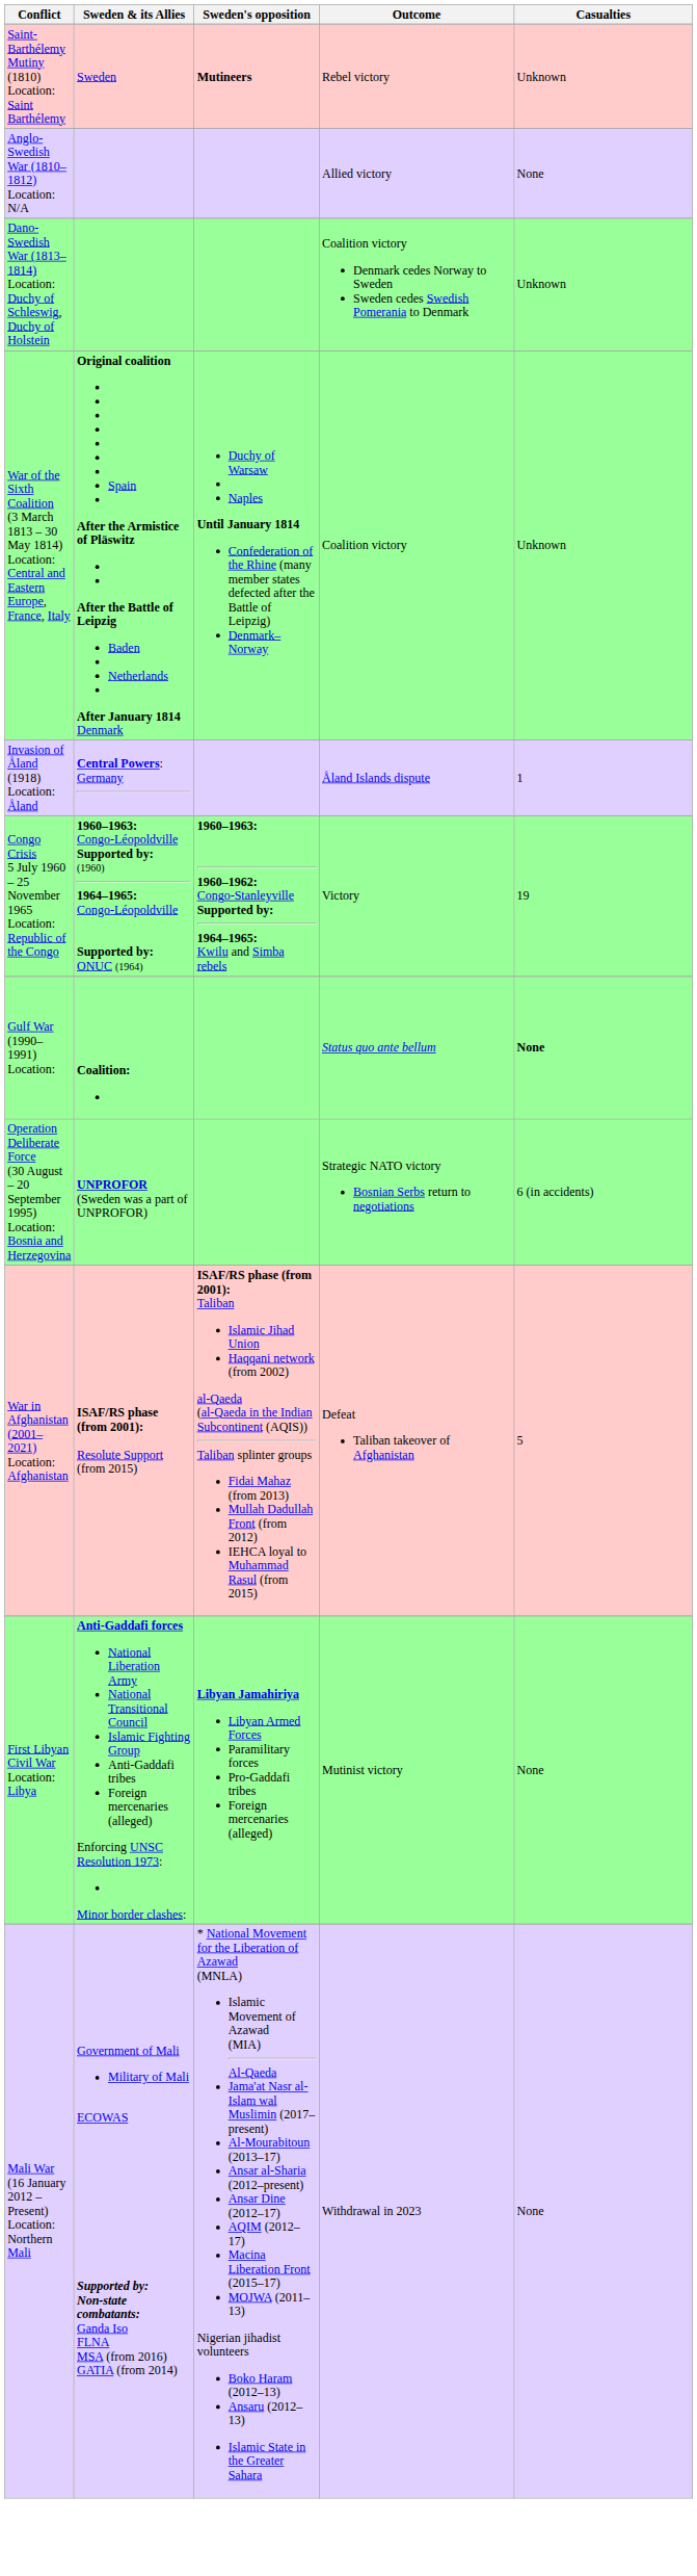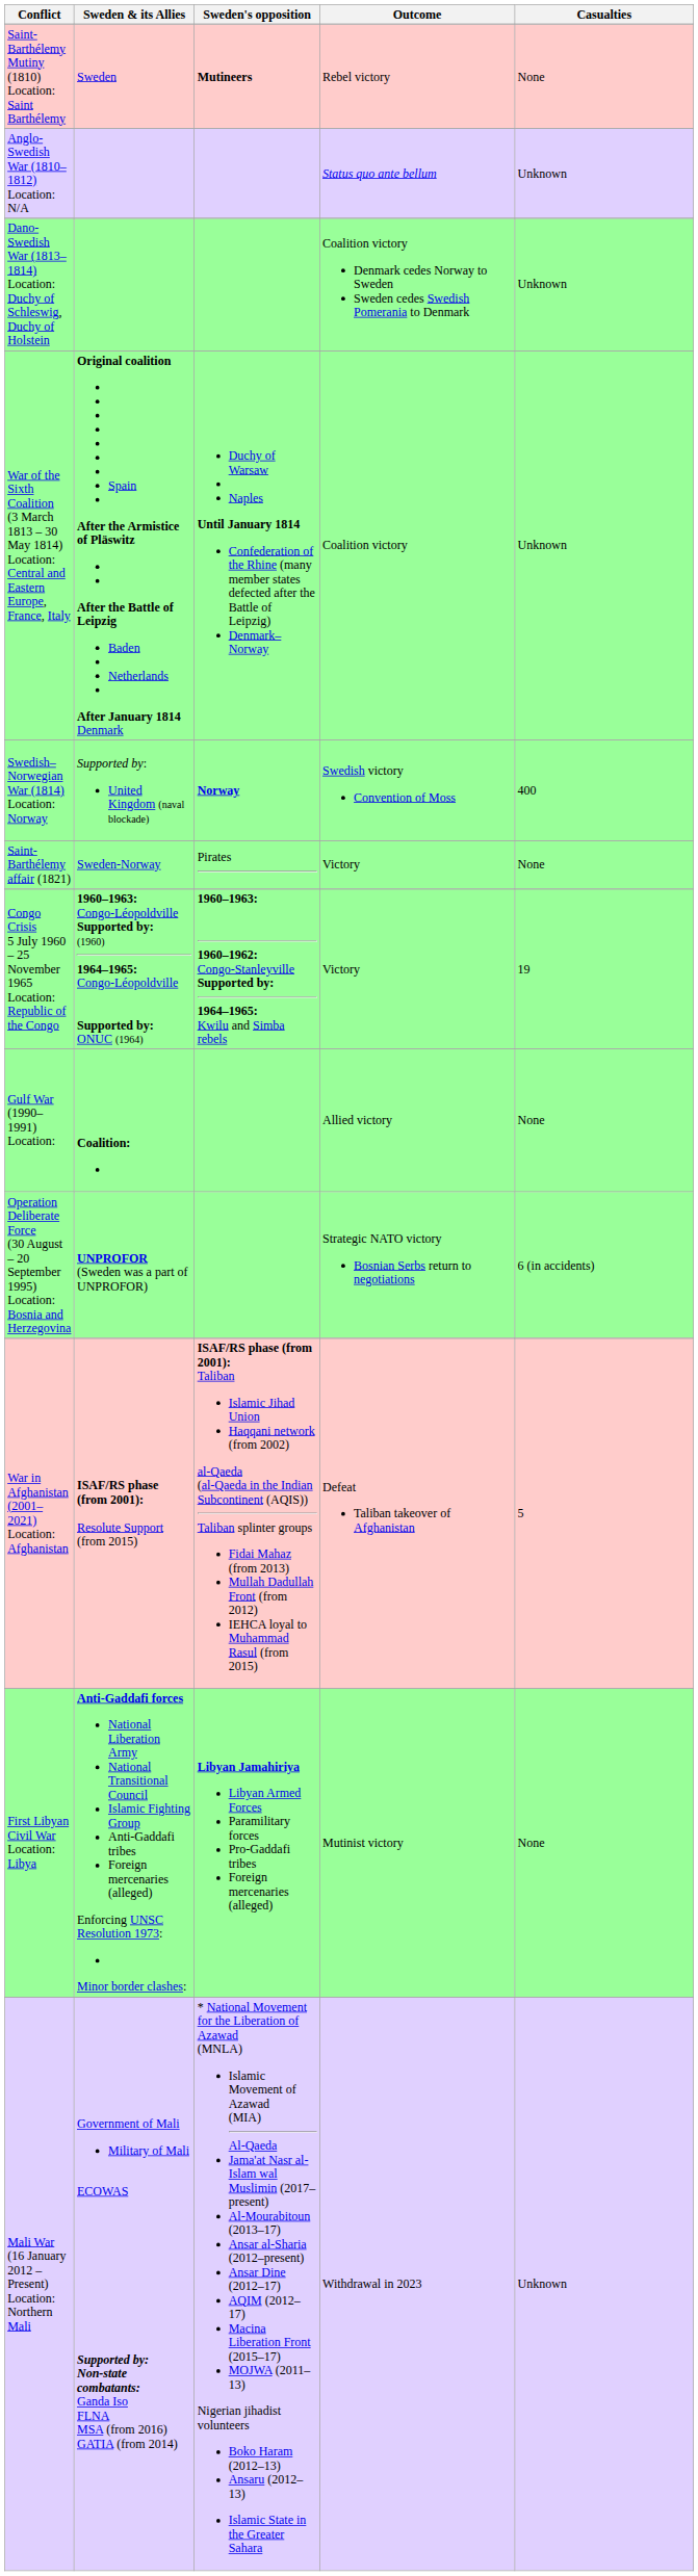 <table class="wikitable sortable" width="100%">
 <tr>
 <th rowspan="1">Conflict</th>
 <th rowspan="1" width=170px>Sweden & its Allies</th>
 <th rowspan="1" width=170px>Sweden's opposition</th>
 <th rowspan="1" width=340px>Outcome</th>
 <th rowspan="1" width=340px>Casualties</th>
 </tr>
 <tr>
 </tr>
 <tr bgcolor="#FFCCCB">
 <td><a href='#'>Saint-Barthélemy Mutiny</a><br>(1810)<br>Location: <a href='#'>Saint Barthélemy</a></td>
 <td> <a href='#'>Sweden</a></td>
 <td><strong>Mutineers</strong></td>
 <td>Rebel victory</td>
-<td>Unknown</td>
+<td>None</td>
 </tr>
 <tr>
 </tr>
 <tr bgcolor="#E0D0FF">
 <td><a href='#'>Anglo-Swedish War (1810–1812)</a><br>Location: N/A</td>
 <td></td>
 <td></td>
-<td>Allied victory</td>
-<td>None</td>
+<td><em><a href='#'>Status quo ante bellum</a></em></td>
+<td>Unknown</td>
 </tr>
 <tr>
 </tr>
 <tr bgcolor="#99ff99">
 <td><a href='#'>Dano-Swedish War (1813–1814)</a><br>Location: <a href='#'>Duchy of Schleswig</a>, <a href='#'>Duchy of Holstein</a></td>
 <td><br><br><br></td>
 <td></td>
 <td>Coalition victory<br><ul><li>Denmark cedes Norway to Sweden</li><li>Sweden cedes <a href='#'>Swedish Pomerania</a> to Denmark</li></ul></td>
 <td>Unknown</td>
 </tr>
 <tr>
 </tr>
 <tr bgcolor="#99ff99">
 <td><a href='#'>War of the Sixth Coalition</a><br>(3 March 1813 – 30 May 1814)<br>Location: <a href='#'>Central and Eastern Europe</a>, <a href='#'>France</a>, <a href='#'>Italy</a></td>
 <td><strong>Original coalition</strong> <br><ul><li></li><li></li><li></li><li></li><li></li><li></li><li></li><li> <a href='#'>Spain</a></li><li></li></ul> <strong>After the Armistice of Pläswitz</strong> <ul><li></li><li></li></ul> <strong>After the Battle of Leipzig</strong> <ul><li> <a href='#'>Baden</a></li><li></li><li> <a href='#'>Netherlands</a></li><li></li></ul> <strong>After January 1814</strong>   <a href='#'>Denmark</a> </td>
 <td><br><ul><li> <a href='#'>Duchy of Warsaw</a></li><li></li><li> <a href='#'>Naples</a></li></ul><strong>Until January 1814</strong> <ul><li><a href='#'>Confederation of the Rhine</a> (many member states defected after the Battle of Leipzig)</li><li> <a href='#'>Denmark–Norway</a></li></ul></td>
 <td>Coalition victory</td>
 <td>Unknown</td>
 </tr>
 <tr>
 </tr>
-<tr>
+<tr bgcolor="#99ff99">
+<td><a href='#'>Swedish–Norwegian War (1814)</a><br>Location: <a href='#'>Norway</a></td>
+<td><br><em>Supported by</em>:<ul><li> <a href='#'>United Kingdom</a> <small>(naval blockade)</small></li></ul></td>
+<td> <strong><a href='#'>Norway</a></strong></td>
+<td><a href='#'>Swedish</a> victory<br><ul><li><a href='#'>Convention of Moss</a></li></ul></td>
+<td>400</td>
 </tr>
 <tr>
 </tr>
-<tr bgcolor="#E0D0FF">
-<td><a href='#'>Invasion of Åland</a><br>(1918)<br>Location: <a href='#'>Åland</a></td>
-<td><strong><a href='#'>Central Powers</a></strong>:<br> <a href='#'>Germany</a> <br> <hr></td>
-<td> <br></td>
-<td><a href='#'>Åland Islands dispute</a></td>
-<td>1</td>
+<tr bgcolor="#99ff99">
+<td><a href='#'>Saint-Barthélemy affair</a> (1821)</td>
+<td> <a href='#'>Sweden-Norway</a></td>
+<td> Pirates <hr> </td>
+<td>Victory</td>
+<td>None</td>
+</tr>
+<tr>
 </tr>
 <tr>
 </tr>
 <tr bgcolor="#99ff99">
 <td><a href='#'>Congo Crisis</a><br>5 July 1960 – 25 November 1965<br>Location: <a href='#'>Republic of the Congo</a></td>
 <td><strong>1960–1963:</strong><br> <a href='#'>Congo-Léopoldville</a><br><strong>Supported by:</strong><br> <small>(1960)</small><br><hr><strong>1964–1965:</strong><br> <a href='#'>Congo-Léopoldville</a><br><br><br><strong>Supported by:</strong><br> <a href='#'>ONUC</a> <small>(1964)</small></td>
 <td><strong>1960–1963:</strong><br><br><br><hr><strong>1960–1962:</strong><br> <a href='#'>Congo-Stanleyville</a><br><strong>Supported by:</strong><br><hr><strong>1964–1965:</strong><br> <a href='#'>Kwilu</a> and <a href='#'>Simba rebels</a><br></td>
 <td>Victory</td>
 <td>19</td>
 </tr>
 <tr>
 </tr>
 <tr bgcolor="#99ff99">
 <td><a href='#'>Gulf War</a> (1990–1991)<br>Location: </td>
 <td> <br>  <br>  <br>  <br>  <br>  <br> <strong>Coalition:</strong><br><ul><li></li></ul></td>
 <td></td>
-<td><em><a href='#'>Status quo ante bellum</a></em></td>
-<td><strong>None</strong></td>
+<td>Allied victory</td>
+<td>None</td>
 </tr>
 <tr bgcolor="#99ff99">
 <td><a href='#'>Operation Deliberate Force</a><br>(30 August – 20 September 1995)<br>Location: <a href='#'>Bosnia and Herzegovina</a></td>
 <td><br> <strong><a href='#'>UNPROFOR</a></strong> (Sweden was a part of UNPROFOR)</td>
 <td></td>
 <td>Strategic NATO victory<br><ul><li><a href='#'>Bosnian Serbs</a> return to <a href='#'>negotiations</a></li></ul></td>
 <td>6 (in accidents)</td>
 </tr>
 <tr>
 </tr>
 <tr bgcolor="#FFCCCB">
 <td><a href='#'>War in Afghanistan (2001–2021)</a><br>Location: <a href='#'>Afghanistan</a></td>
 <td><strong>ISAF/RS phase (from 2001):</strong><br><br> <a href='#'>Resolute Support</a><br>(from 2015)</td>
 <td><strong>ISAF/RS phase (from 2001):</strong><br> <a href='#'>Taliban</a><br><ul><li><a href='#'>Islamic Jihad Union</a></li><li><a href='#'>Haqqani network</a> (from 2002)</li></ul> <a href='#'>al-Qaeda</a><br>(<a href='#'>al-Qaeda in the Indian Subcontinent</a> (AQIS))<hr> <a href='#'>Taliban</a> splinter groups<ul><li><a href='#'>Fidai Mahaz</a> (from 2013)</li><li><a href='#'>Mullah Dadullah Front</a> (from 2012)</li><li>IEHCA loyal to <a href='#'>Muhammad Rasul</a> (from 2015)</li></ul></td>
 <td>Defeat<br><ul><li>Taliban takeover of <a href='#'>Afghanistan</a></li></ul></td>
 <td>5</td>
 </tr>
 <tr>
 </tr>
 <tr bgcolor="#99ff99">
 <td><a href='#'>First Libyan Civil War</a><br>Location: <a href='#'>Libya</a></td>
 <td> <strong><a href='#'>Anti-Gaddafi forces</a></strong><br><ul><li> <a href='#'>National Liberation Army</a></li><li> <a href='#'>National Transitional Council</a></li><li> <a href='#'>Islamic Fighting Group</a></li><li>Anti-Gaddafi tribes</li><li>Foreign mercenaries (alleged)</li></ul>Enforcing <a href='#'>UNSC Resolution 1973</a>:<ul><li></li></ul> <a href='#'>Minor border clashes</a>:<br></td>
 <td> <strong><a href='#'>Libyan Jamahiriya</a></strong><br><ul><li><a href='#'>Libyan Armed Forces</a></li><li>Paramilitary forces</li><li>Pro-Gaddafi tribes</li><li>Foreign mercenaries (alleged)</li></ul></td>
 <td>Mutinist victory</td>
 <td>None</td>
 </tr>
 <tr>
 </tr>
 <tr bgcolor="#E0D0FF">
 <td><a href='#'>Mali War</a><br>(16 January 2012 – Present)<br>Location: Northern <a href='#'>Mali</a></td>
 <td> <a href='#'>Government of Mali</a><br><ul><li><a href='#'>Military of Mali</a></li></ul><br><a href='#'>ECOWAS</a>  <br> <br> <br> <br> <br> <br> <br> <br> <br> <br> <br> <br><strong><em>Supported by:</em></strong><br>  <strong><em>Non-state combatants:</em></strong><br> <a href='#'>Ganda Iso</a><br> <a href='#'>FLNA</a><br> <a href='#'>MSA</a> (from 2016)<br> <a href='#'>GATIA</a> (from 2014)</td>
 <td>*  <a href='#'>National Movement for the Liberation of Azawad</a><br>(MNLA)<br><ul><li>Islamic Movement of Azawad<br>(MIA)<hr> <a href='#'>Al-Qaeda</a></li><li><a href='#'>Jama'at Nasr al-Islam wal Muslimin</a> (2017–present)</li><li><a href='#'>Al-Mourabitoun</a> (2013–17)</li><li><a href='#'>Ansar al-Sharia</a> (2012–present)</li><li><a href='#'>Ansar Dine</a> (2012–17)</li><li> <a href='#'>AQIM</a> (2012–17)</li><li><a href='#'>Macina Liberation Front</a> <br> (2015–17)</li><li><a href='#'>MOJWA</a> (2011–13)</li></ul> Nigerian jihadist volunteers<ul><li><a href='#'>Boko Haram</a> (2012–13)</li><li><a href='#'>Ansaru</a> (2012–13)</li></ul><ul><li><a href='#'>Islamic State in the Greater Sahara</a></li></ul></td>
 <td>Withdrawal in 2023</td>
-<td>None</td>
+<td>Unknown</td>
 </tr>
 </table>
